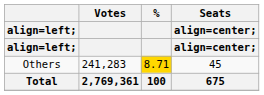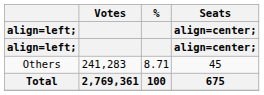 <table class="wikitable sortable">
 <tr>
 <th></th>
 <th>Votes</th>
 <th>%</th>
 <th>Seats</th>
 </tr>
 <tr>
 <th>align=left; </th>
 <th></th>
 <th></th>
 <th>align=center; </th>
 </tr>
 <tr>
 <th>align=left; </th>
 <th></th>
 <th></th>
 <th>align=center; </th>
 </tr>
 <tr>
 <td align="center">Others</td>
 <td>241,283</td>
-<td style="background: gold;">8.71</td>
+<td>8.71</td>
 <td align="center">45</td>
 </tr>
 <tr>
 <th>Total</th>
 <th>2,769,361</th>
 <th>100</th>
 <th align=center>675</th>
 </tr>
 <tr>
 </tr>
 </table>
